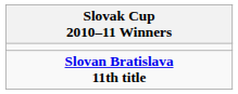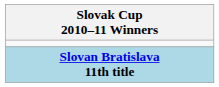 <table class="wikitable" style="text-align: center; margin: 0 auto; width: 20%">
 <tr>
 <th>Slovak Cup <br>2010–11 Winners</th>
 </tr>
 <tr>
 <td></td>
 </tr>
 <tr>
-<td><strong><a href='#'>Slovan Bratislava</a></strong><br><strong>11th title</strong></td>
+<td style="background: lightblue;"><strong><a href='#'>Slovan Bratislava</a></strong><br><strong>11th title</strong></td>
 </tr>
 </table>
